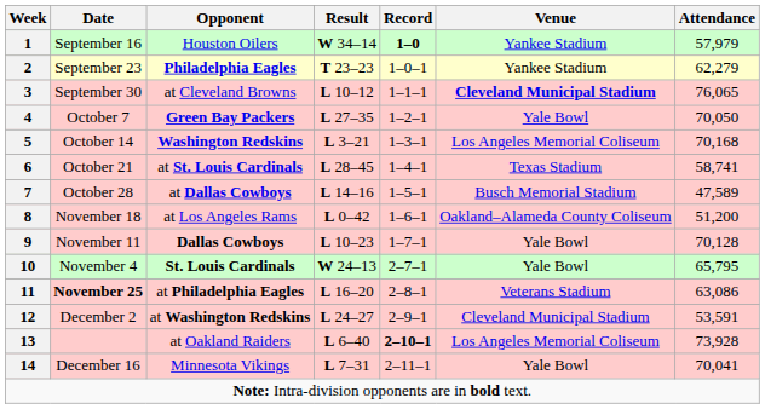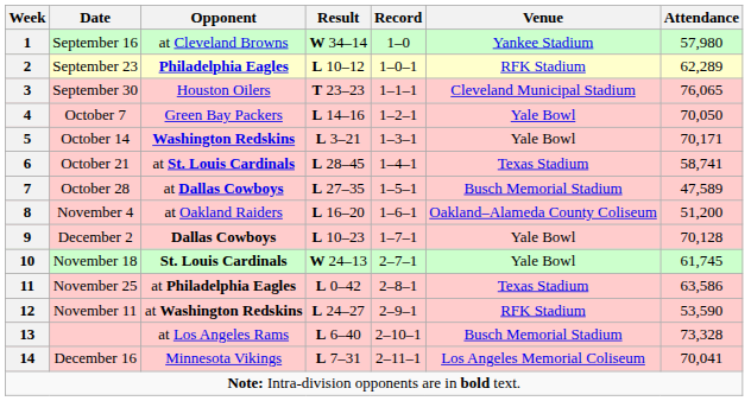 <table class="wikitable" style="text-align:center">
 <tr>
 <th>Week</th>
 <th>Date</th>
 <th>Opponent</th>
 <th>Result</th>
 <th>Record</th>
 <th>Venue</th>
 <th>Attendance</th>
 </tr>
 <tr style="background:#cfc">
 <th>1</th>
 <td>September 16</td>
-<td><a href='#'>Houston Oilers</a></td>
+<td>at <a href='#'>Cleveland Browns</a></td>
 <td><strong>W</strong> 34–14</td>
-<td><strong>1–0</strong></td>
+<td>1–0</td>
 <td><a href='#'>Yankee Stadium</a></td>
-<td>57,979</td>
+<td>57,980</td>
 </tr>
 <tr style="background:#ffc">
 <th>2</th>
 <td>September 23</td>
 <td><strong><a href='#'>Philadelphia Eagles</a></strong></td>
-<td><strong>T</strong> 23–23</td>
+<td><strong>L</strong> 10–12</td>
 <td>1–0–1</td>
-<td>Yankee Stadium</td>
-<td>62,279</td>
+<td><a href='#'>RFK Stadium</a></td>
+<td>62,289</td>
 </tr>
 <tr style="background:#fcc">
 <th>3</th>
 <td>September 30</td>
-<td>at <a href='#'>Cleveland Browns</a></td>
-<td><strong>L</strong> 10–12</td>
+<td><a href='#'>Houston Oilers</a></td>
+<td><strong>T</strong> 23–23</td>
 <td>1–1–1</td>
-<td><strong><a href='#'>Cleveland Municipal Stadium</a></strong></td>
+<td><a href='#'>Cleveland Municipal Stadium</a></td>
 <td>76,065</td>
 </tr>
 <tr style="background:#fcc">
 <th>4</th>
 <td>October 7</td>
-<td><strong><a href='#'>Green Bay Packers</a></strong></td>
-<td><strong>L</strong> 27–35</td>
+<td><a href='#'>Green Bay Packers</a></td>
+<td><strong>L</strong> 14–16</td>
 <td>1–2–1</td>
 <td><a href='#'>Yale Bowl</a></td>
 <td>70,050</td>
 </tr>
 <tr style="background:#fcc">
 <th>5</th>
 <td>October 14</td>
 <td><strong><a href='#'>Washington Redskins</a></strong></td>
 <td><strong>L</strong> 3–21</td>
 <td>1–3–1</td>
-<td><a href='#'>Los Angeles Memorial Coliseum</a></td>
-<td>70,168</td>
+<td>Yale Bowl</td>
+<td>70,171</td>
 </tr>
 <tr style="background:#fcc">
 <th>6</th>
 <td>October 21</td>
 <td>at <strong><a href='#'>St. Louis Cardinals</a></strong></td>
 <td><strong>L</strong> 28–45</td>
 <td>1–4–1</td>
 <td><a href='#'>Texas Stadium</a></td>
 <td>58,741</td>
 </tr>
 <tr style="background:#fcc">
 <th>7</th>
 <td>October 28</td>
 <td>at <strong><a href='#'>Dallas Cowboys</a></strong></td>
-<td><strong>L</strong> 14–16</td>
+<td><strong>L</strong> 27–35</td>
 <td>1–5–1</td>
 <td><a href='#'>Busch Memorial Stadium</a></td>
 <td>47,589</td>
 </tr>
 <tr style="background:#fcc">
 <th>8</th>
-<td>November 18</td>
-<td>at <a href='#'>Los Angeles Rams</a></td>
-<td><strong>L</strong> 0–42</td>
+<td>November 4</td>
+<td>at <a href='#'>Oakland Raiders</a></td>
+<td><strong>L</strong> 16–20</td>
 <td>1–6–1</td>
 <td><a href='#'>Oakland–Alameda County Coliseum</a></td>
 <td>51,200</td>
 </tr>
 <tr style="background:#fcc">
 <th>9</th>
-<td>November 11</td>
+<td>December 2</td>
 <td><strong>Dallas Cowboys</strong></td>
 <td><strong>L</strong> 10–23</td>
 <td>1–7–1</td>
 <td>Yale Bowl</td>
 <td>70,128</td>
 </tr>
 <tr style="background:#cfc">
 <th>10</th>
-<td>November 4</td>
+<td>November 18</td>
 <td><strong>St. Louis Cardinals</strong></td>
 <td><strong>W</strong> 24–13</td>
 <td>2–7–1</td>
 <td>Yale Bowl</td>
-<td>65,795</td>
+<td>61,745</td>
 </tr>
 <tr style="background:#fcc">
 <th>11</th>
-<td><strong>November 25</strong></td>
+<td>November 25</td>
 <td>at <strong>Philadelphia Eagles</strong></td>
-<td><strong>L</strong> 16–20</td>
+<td><strong>L</strong> 0–42</td>
 <td>2–8–1</td>
-<td><a href='#'>Veterans Stadium</a></td>
-<td>63,086</td>
+<td><a href='#'>Texas Stadium</a></td>
+<td>63,586</td>
 </tr>
 <tr style="background:#fcc">
 <th>12</th>
-<td>December 2</td>
+<td>November 11</td>
 <td>at <strong>Washington Redskins</strong></td>
 <td><strong>L</strong> 24–27</td>
 <td>2–9–1</td>
-<td><a href='#'>Cleveland Municipal Stadium</a></td>
-<td>53,591</td>
+<td><a href='#'>RFK Stadium</a></td>
+<td>53,590</td>
 </tr>
 <tr style="background:#fcc">
 <th>13</th>
 <td></td>
-<td>at <a href='#'>Oakland Raiders</a></td>
+<td>at <a href='#'>Los Angeles Rams</a></td>
 <td><strong>L</strong> 6–40</td>
-<td><strong>2–10–1</strong></td>
-<td><a href='#'>Los Angeles Memorial Coliseum</a></td>
-<td>73,928</td>
+<td>2–10–1</td>
+<td><a href='#'>Busch Memorial Stadium</a></td>
+<td>73,328</td>
 </tr>
 <tr style="background:#fcc">
 <th>14</th>
 <td>December 16</td>
 <td><a href='#'>Minnesota Vikings</a></td>
 <td><strong>L</strong> 7–31</td>
 <td>2–11–1</td>
-<td>Yale Bowl</td>
+<td><a href='#'>Los Angeles Memorial Coliseum</a></td>
 <td>70,041</td>
 </tr>
 <tr>
 <td colspan="8"><strong>Note:</strong> Intra-division opponents are in <strong>bold</strong> text.</td>
 </tr>
 </table>
